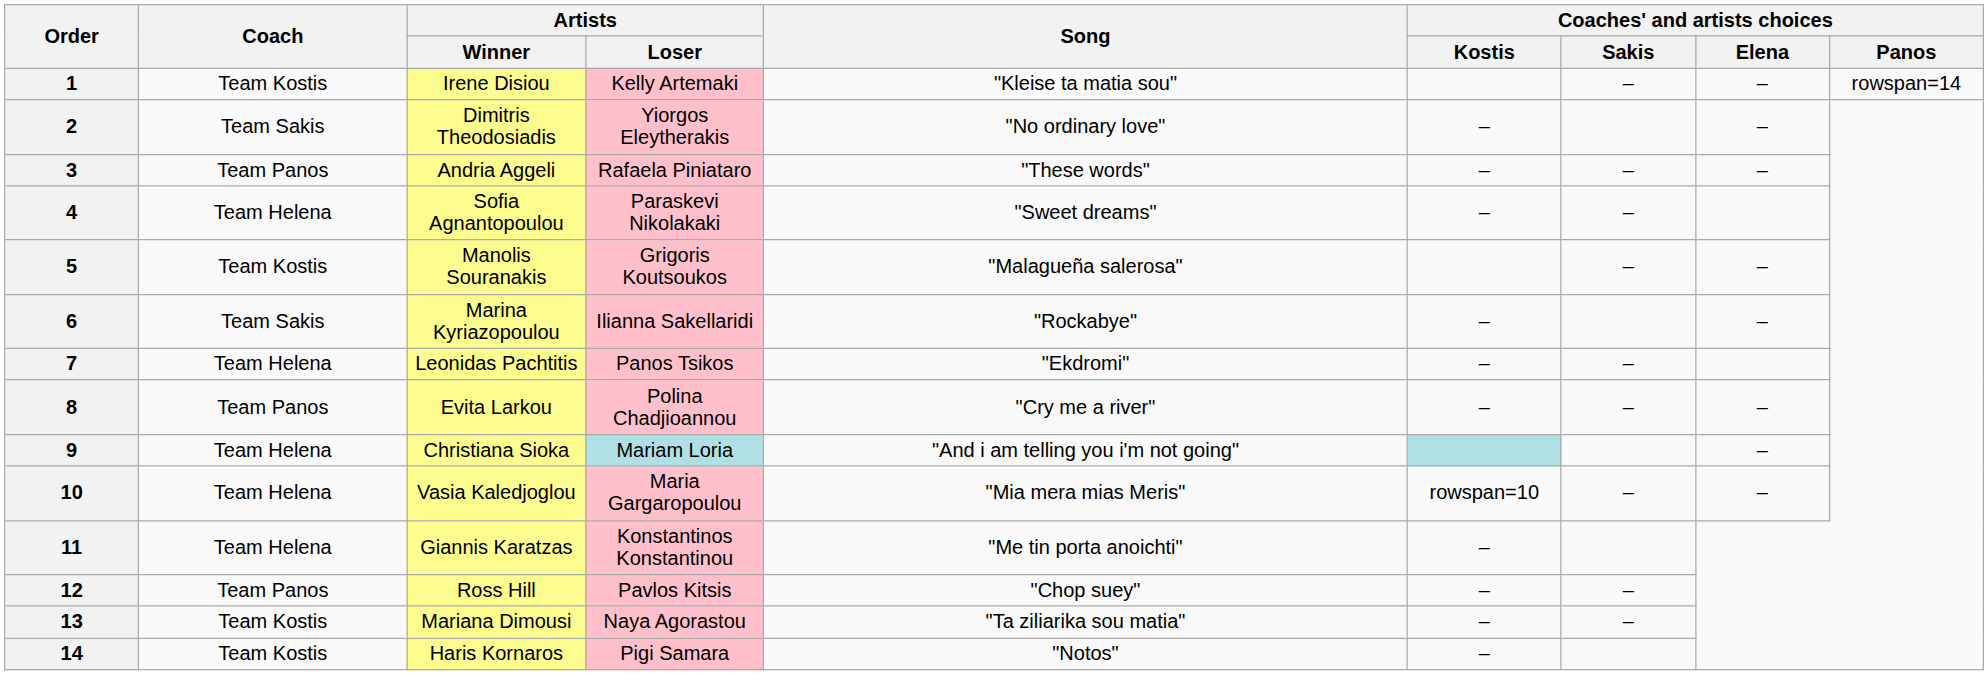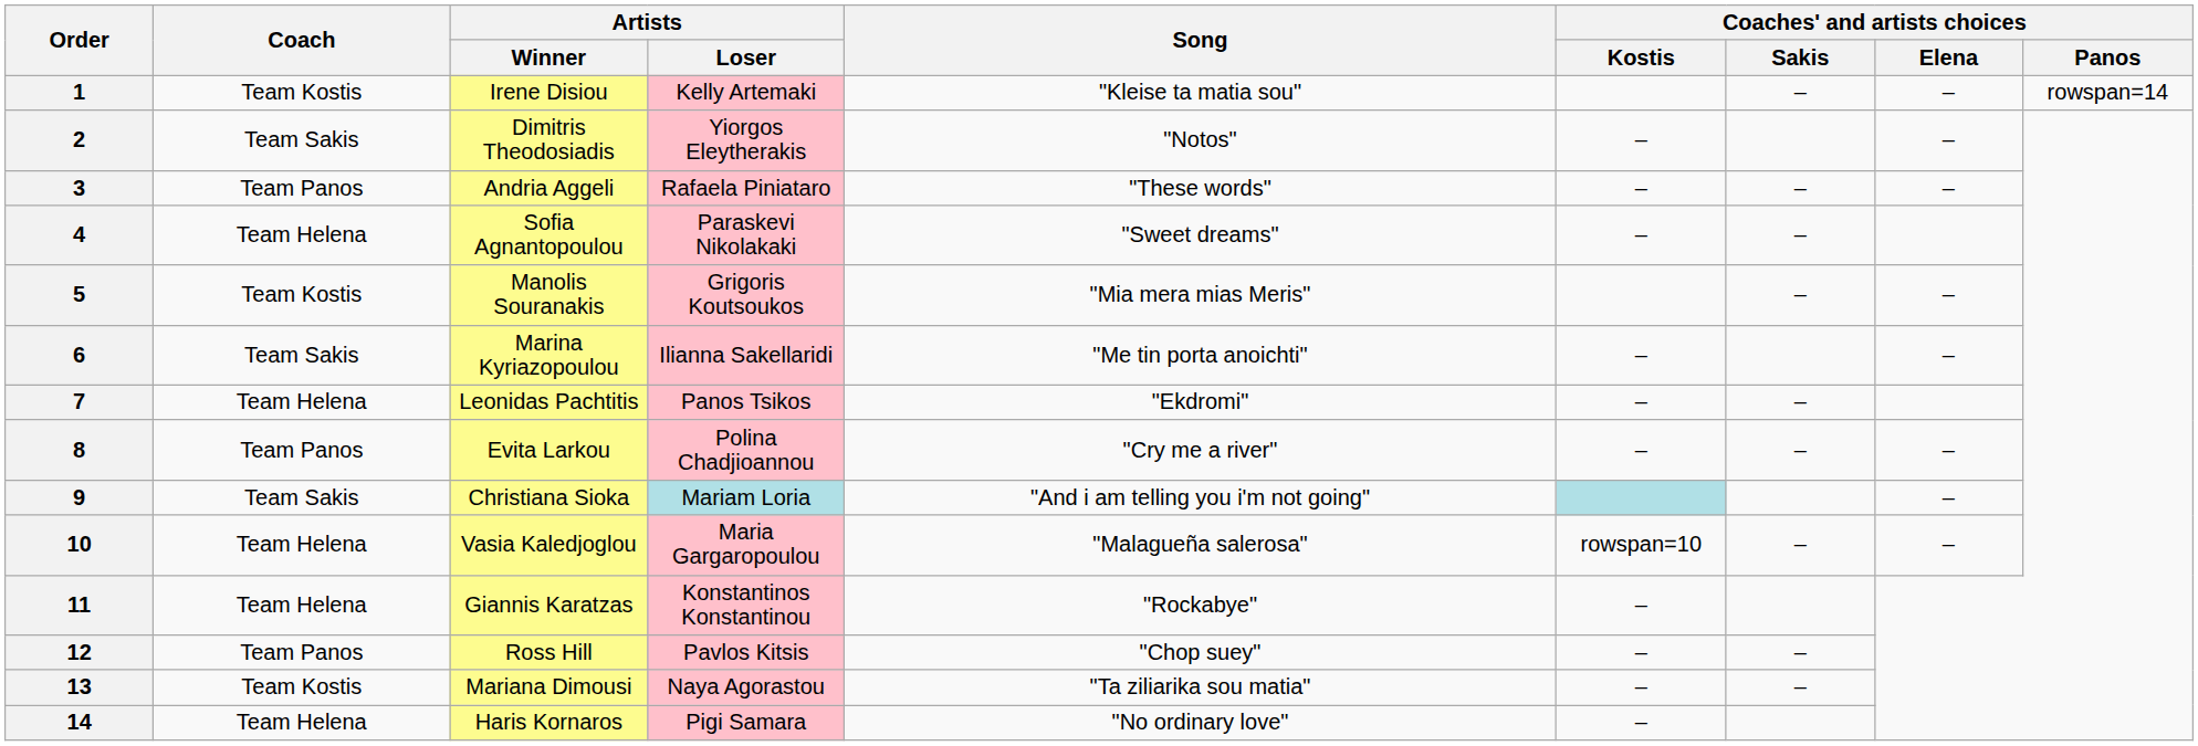 <table class="wikitable" style="text-align:center; width:100%;">
 <tr>
 <th scope="col" style="width:05%;" rowspan="2">Order</th>
 <th scope="col" style="width:10%;" rowspan="2">Coach</th>
 <th scope="col" style="width:26%;" colspan="2">Artists</th>
 <th scope="col" style="width:24%;" rowspan="2">Song</th>
 <th scope="col" style="width:20%;" colspan="4">Coaches' and artists choices</th>
 </tr>
 <tr>
 <th style="width:05%;">Winner</th>
 <th style="width:05%;">Loser</th>
 <th style="width:05%;">Kostis</th>
 <th style="width:05%;">Sakis</th>
 <th style="width:05%;">Elena</th>
 <th style="width:05%;">Panos</th>
 </tr>
 <tr>
 <th scope="col">1</th>
 <td>Team Kostis</td>
 <td style="background:#fdfc8f;text-align:center;">Irene Disiou</td>
 <td style="background:pink;text-align:center;">Kelly Artemaki</td>
 <td>"Kleise ta matia sou"</td>
 <td></td>
 <td>–</td>
 <td>–</td>
 <td>rowspan=14 </td>
 </tr>
 <tr>
 <th scope="col">2</th>
 <td>Team Sakis</td>
 <td style="background:#fdfc8f;text-align:center;">Dimitris Theodosiadis</td>
 <td style="background:pink;text-align:center;">Yiorgos Eleytherakis</td>
-<td>"No ordinary love"</td>
+<td>"Notos"</td>
 <td>–</td>
 <td></td>
 <td>–</td>
 </tr>
 <tr>
 <th scope="col">3</th>
 <td>Team Panos</td>
 <td style="background:#fdfc8f;text-align:center;">Andria Aggeli</td>
 <td style="background:pink;text-align:center;">Rafaela Piniataro</td>
 <td>"These words"</td>
 <td>–</td>
 <td>–</td>
 <td>–</td>
 </tr>
 <tr>
 <th scope="col">4</th>
 <td>Team Helena</td>
 <td style="background:#fdfc8f;text-align:center;">Sofia Agnantopoulou</td>
 <td style="background:pink;text-align:center;">Paraskevi Nikolakaki</td>
 <td>"Sweet dreams"</td>
 <td>–</td>
 <td>–</td>
 <td></td>
 </tr>
 <tr>
 <th scope="col">5</th>
 <td>Team Kostis</td>
 <td style="background:#fdfc8f;text-align:center;">Manolis Souranakis</td>
 <td style="background:pink;text-align:center;">Grigoris Koutsoukos</td>
-<td>"Malagueña salerosa"</td>
+<td>"Mia mera mias Meris"</td>
 <td></td>
 <td>–</td>
 <td>–</td>
 </tr>
 <tr>
 <th scope="col">6</th>
 <td>Team Sakis</td>
 <td style="background:#fdfc8f;text-align:center;">Marina Kyriazopoulou</td>
 <td style="background:pink;text-align:center;">Ilianna Sakellaridi</td>
-<td>"Rockabye"</td>
+<td>"Me tin porta anoichti"</td>
 <td>–</td>
 <td></td>
 <td>–</td>
 </tr>
 <tr>
 <th scope="col">7</th>
 <td>Team Helena</td>
 <td style="background:#fdfc8f;text-align:center;">Leonidas Pachtitis</td>
 <td style="background:pink;text-align:center;">Panos Tsikos</td>
 <td>"Ekdromi"</td>
 <td>–</td>
 <td>–</td>
 <td></td>
 </tr>
 <tr>
 <th scope="col">8</th>
 <td>Team Panos</td>
 <td style="background:#fdfc8f;text-align:center;">Evita Larkou</td>
 <td style="background:pink;text-align:center;">Polina Chadjioannou</td>
 <td>"Cry me a river"</td>
 <td>–</td>
 <td>–</td>
 <td>–</td>
 </tr>
 <tr>
 <th scope="col">9</th>
-<td>Team Helena</td>
+<td>Team Sakis</td>
 <td style="background:#fdfc8f;text-align:center;">Christiana Sioka</td>
 <td style="background:#b0e0e6;text-align:center;">Mariam Loria</td>
 <td>"And i am telling you i'm not going"</td>
 <td style="background:#b0e0e6;"></td>
 <td></td>
 <td>–</td>
 </tr>
 <tr>
 <th scope="col">10</th>
 <td>Team Helena</td>
 <td style="background:#fdfc8f;text-align:center;">Vasia Kaledjoglou</td>
 <td style="background:pink;text-align:center;">Maria Gargaropoulou</td>
-<td>"Mia mera mias Meris"</td>
+<td>"Malagueña salerosa"</td>
 <td>rowspan=10 </td>
 <td>–</td>
 <td>–</td>
 </tr>
 <tr>
 <th scope="col">11</th>
 <td>Team Helena</td>
 <td style="background:#fdfc8f;text-align:center;">Giannis Karatzas</td>
 <td style="background:pink;text-align:center;">Konstantinos Konstantinou</td>
-<td>"Me tin porta anoichti"</td>
+<td>"Rockabye"</td>
 <td>–</td>
 <td></td>
 </tr>
 <tr>
 <th scope="col">12</th>
 <td>Team Panos</td>
 <td style="background:#fdfc8f;text-align:center;">Ross Hill</td>
 <td style="background:pink;text-align:center;">Pavlos Kitsis</td>
 <td>"Chop suey"</td>
 <td>–</td>
 <td>–</td>
 </tr>
 <tr>
 <th scope="col">13</th>
 <td>Team Kostis</td>
 <td style="background:#fdfc8f;text-align:center;">Mariana Dimousi</td>
 <td style="background:pink;text-align:center;">Naya Agorastou</td>
 <td>"Ta ziliarika sou matia"</td>
 <td>–</td>
 <td>–</td>
 </tr>
 <tr>
 <th scope="col">14</th>
-<td>Team Kostis</td>
+<td>Team Helena</td>
 <td style="background:#fdfc8f;text-align:center;">Haris Kornaros</td>
 <td style="background:pink;text-align:center;">Pigi Samara</td>
-<td>"Notos"</td>
+<td>"No ordinary love"</td>
 <td>–</td>
 <td></td>
 </tr>
 </table>
